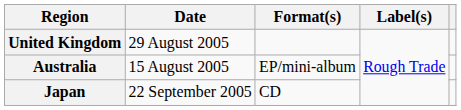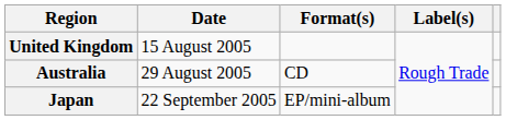 <table class="wikitable plainrowheaders">
 <tr>
 <th scope="col">Region</th>
 <th scope="col">Date</th>
 <th scope="col">Format(s)</th>
 <th scope="col">Label(s)</th>
 <th scope="col"></th>
 </tr>
 <tr>
 <th scope="row">United Kingdom</th>
-<td>29 August 2005</td>
+<td>15 August 2005</td>
 <td></td>
 <td rowspan="3"><a href='#'>Rough Trade</a></td>
 <td></td>
 </tr>
 <tr>
 <th scope="row">Australia</th>
-<td>15 August 2005</td>
-<td>EP/mini-album</td>
+<td>29 August 2005</td>
+<td>CD</td>
 <td></td>
 </tr>
 <tr>
 <th scope="row">Japan</th>
 <td>22 September 2005</td>
-<td>CD</td>
+<td>EP/mini-album</td>
 <td></td>
 </tr>
 </table>
